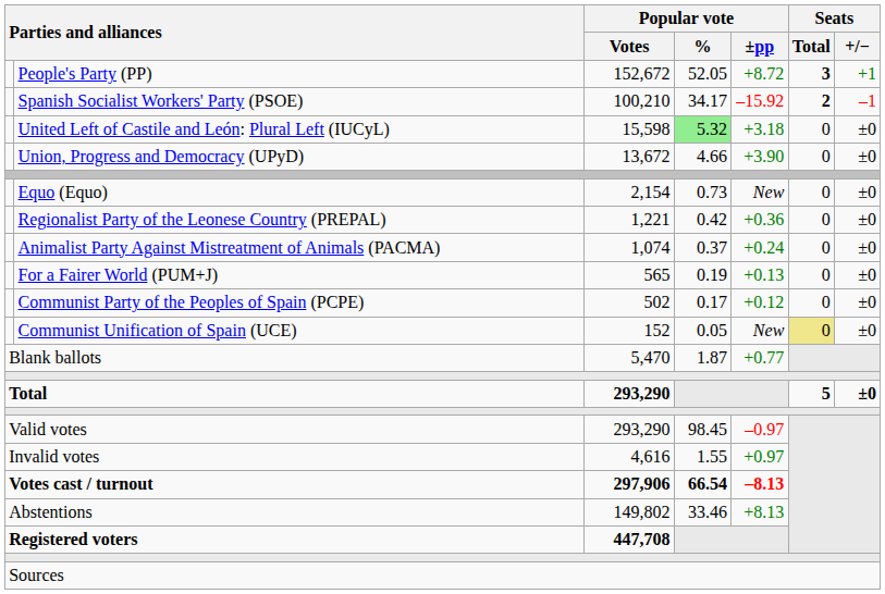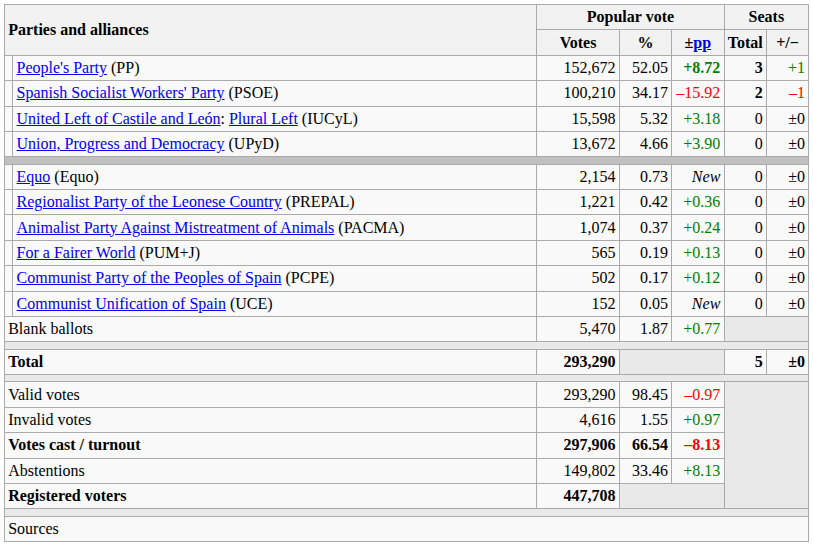 <table class="wikitable" style="text-align:right;">
 <tr>
 <th style="text-align:left;" rowspan="2" colspan="2" width="525">Parties and alliances</th>
 <th colspan="3">Popular vote</th>
 <th colspan="2">Seats</th>
 </tr>
 <tr>
 <th width="75">Votes</th>
 <th width="45">%</th>
 <th width="45">±<a href='#'>pp</a></th>
 <th width="35">Total</th>
 <th width="35">+/−</th>
 </tr>
 <tr>
 <td width="1" style="color:inherit;background:"></td>
 <td align="left"><a href='#'>People's Party</a> (PP)</td>
 <td>152,672</td>
 <td>52.05</td>
-<td style="color:green;">+8.72</td>
+<td style="color:green;"><strong>+8.72</strong></td>
 <td><strong>3</strong></td>
 <td style="color:green;">+1</td>
 </tr>
 <tr>
 <td style="color:inherit;background:"></td>
 <td align="left"><a href='#'>Spanish Socialist Workers' Party</a> (PSOE)</td>
 <td>100,210</td>
 <td>34.17</td>
 <td style="color:red;">–15.92</td>
 <td><strong>2</strong></td>
 <td style="color:red;">–1</td>
 </tr>
 <tr>
 <td style="color:inherit;background:"></td>
 <td align="left"><a href='#'>United Left of Castile and León</a>: <a href='#'>Plural Left</a> (IUCyL)</td>
 <td>15,598</td>
-<td style="background: lightgreen;">5.32</td>
+<td>5.32</td>
 <td style="color:green;">+3.18</td>
 <td>0</td>
 <td>±0</td>
 </tr>
 <tr>
 <td style="color:inherit;background:"></td>
 <td align="left"><a href='#'>Union, Progress and Democracy</a> (UPyD)</td>
 <td>13,672</td>
 <td>4.66</td>
 <td style="color:green;">+3.90</td>
 <td>0</td>
 <td>±0</td>
 </tr>
 <tr>
 <td colspan="7" bgcolor="#C0C0C0"></td>
 </tr>
 <tr>
 <td style="color:inherit;background:"></td>
 <td align="left"><a href='#'>Equo</a> (Equo)</td>
 <td>2,154</td>
 <td>0.73</td>
 <td><em>New</em></td>
 <td>0</td>
 <td>±0</td>
 </tr>
 <tr>
 <td style="color:inherit;background:"></td>
 <td align="left"><a href='#'>Regionalist Party of the Leonese Country</a> (PREPAL)</td>
 <td>1,221</td>
 <td>0.42</td>
 <td style="color:green;">+0.36</td>
 <td>0</td>
 <td>±0</td>
 </tr>
 <tr>
 <td style="color:inherit;background:"></td>
 <td align="left"><a href='#'>Animalist Party Against Mistreatment of Animals</a> (PACMA)</td>
 <td>1,074</td>
 <td>0.37</td>
 <td style="color:green;">+0.24</td>
 <td>0</td>
 <td>±0</td>
 </tr>
 <tr>
 <td style="color:inherit;background:"></td>
 <td align="left"><a href='#'>For a Fairer World</a> (PUM+J)</td>
 <td>565</td>
 <td>0.19</td>
 <td style="color:green;">+0.13</td>
 <td>0</td>
 <td>±0</td>
 </tr>
 <tr>
 <td style="color:inherit;background:"></td>
 <td align="left"><a href='#'>Communist Party of the Peoples of Spain</a> (PCPE)</td>
 <td>502</td>
 <td>0.17</td>
 <td style="color:green;">+0.12</td>
 <td>0</td>
 <td>±0</td>
 </tr>
 <tr>
 <td style="color:inherit;background:"></td>
 <td align="left"><a href='#'>Communist Unification of Spain</a> (UCE)</td>
 <td>152</td>
 <td>0.05</td>
 <td><em>New</em></td>
-<td style="background: khaki;">0</td>
+<td>0</td>
 <td>±0</td>
 </tr>
 <tr>
 <td align="left" colspan="2">Blank ballots</td>
 <td>5,470</td>
 <td>1.87</td>
 <td style="color:green;">+0.77</td>
 <td bgcolor="#E9E9E9" colspan="2"></td>
 </tr>
 <tr>
 <td colspan="7" bgcolor="#E9E9E9"></td>
 </tr>
 <tr style="font-weight:bold;">
 <td align="left" colspan="2">Total</td>
 <td>293,290</td>
 <td bgcolor="#E9E9E9" colspan="2"></td>
 <td>5</td>
 <td>±0</td>
 </tr>
 <tr>
 <td colspan="7" bgcolor="#E9E9E9"></td>
 </tr>
 <tr>
 <td align="left" colspan="2">Valid votes</td>
 <td>293,290</td>
 <td>98.45</td>
 <td style="color:red;">–0.97</td>
 <td bgcolor="#E9E9E9" colspan="2" rowspan="5"></td>
 </tr>
 <tr>
 <td align="left" colspan="2">Invalid votes</td>
 <td>4,616</td>
 <td>1.55</td>
 <td style="color:green;">+0.97</td>
 </tr>
 <tr style="font-weight:bold;">
 <td align="left" colspan="2">Votes cast / turnout</td>
 <td>297,906</td>
 <td>66.54</td>
 <td style="color:red;">–8.13</td>
 </tr>
 <tr>
 <td align="left" colspan="2">Abstentions</td>
 <td>149,802</td>
 <td>33.46</td>
 <td style="color:green;">+8.13</td>
 </tr>
 <tr style="font-weight:bold;">
 <td align="left" colspan="2">Registered voters</td>
 <td>447,708</td>
 <td bgcolor="#E9E9E9" colspan="2"></td>
 </tr>
 <tr>
 <td colspan="7" bgcolor="#E9E9E9"></td>
 </tr>
 <tr>
 <td align="left" colspan="7">Sources</td>
 </tr>
 </table>
